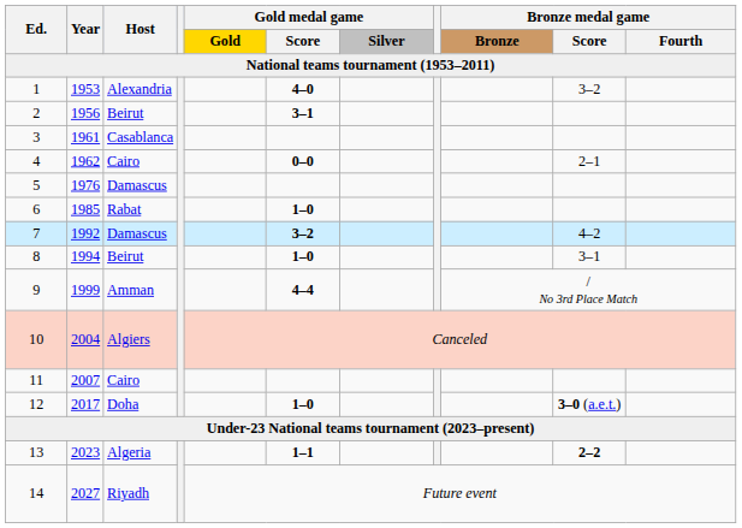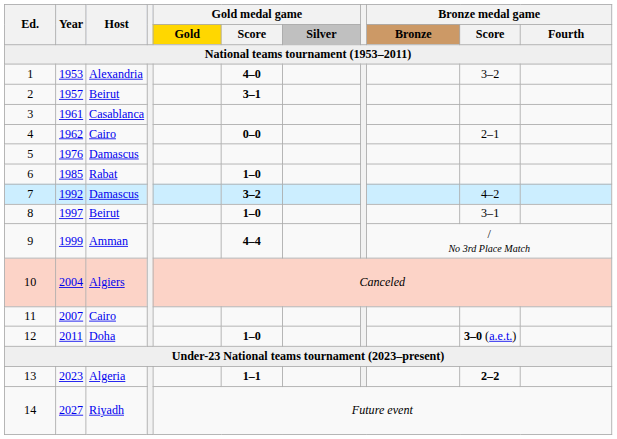 <table class=wikitable style="text-align:center; font-size:90%; width:%">
 <tr bgcolor=#C1D8FF>
 <th rowspan=2 width=>Ed.</th>
 <th rowspan=2 width=5%>Year</th>
 <th rowspan=2 width=10%>Host</th>
 <th width="1%" bgcolor=ffffff rowspan=2></th>
 <th colspan=3>Gold medal game</th>
 <th width="1%" bgcolor=ffffff rowspan=2></th>
 <th colspan=3>Bronze medal game</th>
 </tr>
 <tr bgcolor=#EFEFEF>
 <th style="background:gold; width=15%">Gold</th>
 <th width=10%>Score</th>
 <th style="background:silver; width=15%">Silver</th>
 <th style="background:#cc9966; width=15%">Bronze</th>
 <th width=10%>Score</th>
 <th width=15%>Fourth</th>
 </tr>
 <tr>
 <td colspan=11 style=background:#efefef text-align:center><strong>National teams tournament (1953–2011)</strong></td>
 </tr>
 <tr>
 <td>1</td>
 <td><a href='#'>1953</a></td>
 <td align=left><a href='#'>Alexandria</a></td>
 <th width="1%" bgcolor=ffffff rowspan=12></th>
 <td><strong></strong></td>
 <td><strong>4–0</strong></td>
 <td></td>
 <th width="1%" bgcolor=ffffff rowspan=9></th>
 <td></td>
 <td>3–2</td>
 <td></td>
 </tr>
 <tr>
 <td>2</td>
-<td><a href='#'>1956</a></td>
+<td><a href='#'>1957</a></td>
 <td align=left><a href='#'>Beirut</a></td>
 <td><strong></strong></td>
 <td><strong>3–1</strong></td>
 <td></td>
 <td></td>
 <td></td>
 <td></td>
 </tr>
 <tr>
 <td>3</td>
 <td><a href='#'>1961</a></td>
 <td align=left><a href='#'>Casablanca</a></td>
 <td><strong></strong></td>
 <td></td>
 <td></td>
 <td></td>
 <td></td>
 <td></td>
 </tr>
 <tr>
 <td>4</td>
 <td><a href='#'>1962</a></td>
 <td align=left><a href='#'>Cairo</a></td>
 <td><strong></strong></td>
 <td><strong>0–0</strong></td>
 <td></td>
 <td></td>
 <td>2–1</td>
 <td></td>
 </tr>
 <tr>
 <td>5</td>
 <td><a href='#'>1976</a></td>
 <td align=left><a href='#'>Damascus</a></td>
 <td><strong></strong></td>
 <td></td>
 <td></td>
 <td></td>
 <td></td>
 <td></td>
 </tr>
 <tr>
 <td>6</td>
 <td><a href='#'>1985</a></td>
 <td align=left><a href='#'>Rabat</a></td>
 <td><strong></strong></td>
 <td><strong>1–0</strong></td>
 <td></td>
 <td></td>
 <td></td>
 <td></td>
 </tr>
 <tr bgcolor=#CCEEFF>
 <td>7</td>
 <td><a href='#'>1992</a></td>
 <td align=left><a href='#'>Damascus</a></td>
 <td><strong></strong></td>
 <td><strong>3–2</strong></td>
 <td></td>
 <td></td>
 <td>4–2</td>
 <td></td>
 </tr>
 <tr>
 <td>8</td>
-<td><a href='#'>1994</a></td>
+<td><a href='#'>1997</a></td>
 <td align=left><a href='#'>Beirut</a></td>
 <td><strong></strong></td>
 <td><strong>1–0</strong></td>
 <td></td>
 <td></td>
 <td>3–1</td>
 <td></td>
 </tr>
 <tr>
 <td>9</td>
 <td><a href='#'>1999</a></td>
 <td align=left><a href='#'>Amman</a></td>
 <td><strong></strong></td>
 <td><strong>4–4</strong> <br></td>
 <td></td>
 <td colspan=3> / <br><small><em>No 3rd Place Match</em></small></td>
 </tr>
 <tr style="height: 4em;" bgcolor=fcd3c7>
 <td>10</td>
 <td><a href='#'>2004</a></td>
 <td align=left><a href='#'>Algiers</a></td>
 <td colspan=7><em>Canceled</em></td>
 </tr>
 <tr>
 <td>11</td>
 <td><a href='#'>2007</a></td>
 <td align=left><a href='#'>Cairo</a></td>
 <td><strong></strong></td>
 <td></td>
 <td></td>
 <th rowspan="2" width="1%" bgcolor="ffffff"></th>
 <td></td>
 <td></td>
 <td></td>
 </tr>
 <tr>
 <td>12</td>
-<td><a href='#'>2017</a></td>
+<td><a href='#'>2011</a></td>
 <td align=left><a href='#'>Doha</a></td>
 <td><strong></strong></td>
 <td><strong>1–0</strong></td>
 <td></td>
 <td></td>
 <td><strong>3–0</strong> (<a href='#'>a.e.t.</a>)</td>
 <td></td>
 </tr>
 <tr>
 <td colspan=11 style=background:#efefef text-align:center><strong>Under-23 National teams tournament (2023–present)</strong></td>
 </tr>
 <tr>
 <td>13</td>
 <td><a href='#'>2023</a></td>
 <td align=left><a href='#'>Algeria</a></td>
 <th width="1%" bgcolor="ffffff" rowspan=2></th>
 <td><strong></strong></td>
 <td><strong>1–1</strong> </td>
 <td></td>
 <th width="1%" bgcolor="ffffff" rowspan=1></th>
 <td></td>
 <td><strong>2–2</strong> </td>
 <td></td>
 </tr>
 <tr style="height: 4em;">
 <td>14</td>
 <td><a href='#'>2027</a></td>
 <td align=left><a href='#'>Riyadh</a></td>
 <td colspan=7><em>Future event</em></td>
 </tr>
 </table>
